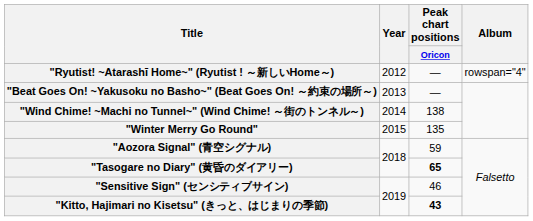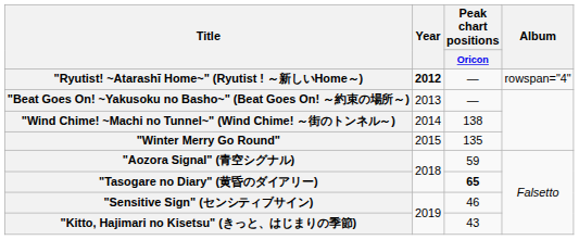 <table class="wikitable plainrowheaders" style="text-align:center;">
 <tr>
 <th scope="col" rowspan="2">Title</th>
 <th scope="col" rowspan="2">Year</th>
 <th scope="col" colspan="1">Peak <br> chart <br> positions</th>
 <th scope="col" rowspan="2">Album</th>
 </tr>
 <tr>
 <th scope="col"><small><a href='#'>Oricon</a></small></th>
 </tr>
 <tr>
 <th scope="row">"Ryutist! ~Atarashī Home~" (Ryutist ! ～新しいHome～)</th>
-<td>2012</td>
+<td><strong>2012</strong></td>
 <td>—</td>
 <td>rowspan="4" </td>
 </tr>
 <tr>
 <th scope="row">"Beat Goes On! ~Yakusoku no Basho~" (Beat Goes On! ～約束の場所～)</th>
 <td>2013</td>
 <td>—</td>
 </tr>
 <tr>
 <th scope="row">"Wind Chime! ~Machi no Tunnel~" (Wind Chime! ～街のトンネル～)</th>
 <td>2014</td>
 <td>138</td>
 </tr>
 <tr>
 <th scope="row">"Winter Merry Go Round"</th>
 <td>2015</td>
 <td>135</td>
 </tr>
 <tr>
 <th scope="row">"Aozora Signal" (青空シグナル)</th>
 <td rowspan="2">2018</td>
 <td>59</td>
 <td rowspan="4"><em>Falsetto</em></td>
 </tr>
 <tr>
 <th scope="row">"Tasogare no Diary" (黄昏のダイアリー)</th>
 <td><strong>65</strong></td>
 </tr>
 <tr>
 <th scope="row">"Sensitive Sign" (センシティブサイン)</th>
 <td rowspan="2">2019</td>
 <td>46</td>
 </tr>
 <tr>
 <th scope="row">"Kitto, Hajimari no Kisetsu" (きっと、はじまりの季節)</th>
-<td><strong>43</strong></td>
+<td>43</td>
 </tr>
 </table>
